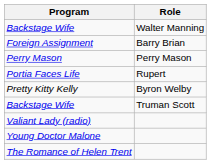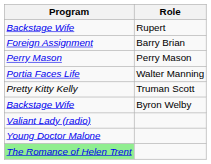 <table class="wikitable">
 <tr>
 <th>Program</th>
 <th>Role</th>
 </tr>
 <tr>
 <td><em><a href='#'>Backstage Wife</a></em></td>
-<td>Walter Manning</td>
+<td>Rupert</td>
 </tr>
 <tr>
 <td><em><a href='#'>Foreign Assignment</a></em></td>
 <td>Barry Brian</td>
 </tr>
 <tr>
 <td><em><a href='#'>Perry Mason</a></em></td>
 <td>Perry Mason</td>
 </tr>
 <tr>
 <td><em><a href='#'>Portia Faces Life</a></em></td>
-<td>Rupert</td>
+<td>Walter Manning</td>
 </tr>
 <tr>
 <td><em>Pretty Kitty Kelly</em></td>
-<td>Byron Welby</td>
+<td>Truman Scott</td>
 </tr>
 <tr>
 <td><em><a href='#'>Backstage Wife</a></em></td>
-<td>Truman Scott</td>
+<td>Byron Welby</td>
 </tr>
 <tr>
 <td><em><a href='#'>Valiant Lady (radio)</a></em></td>
 <td></td>
 </tr>
 <tr>
 <td><em><a href='#'>Young Doctor Malone</a></em></td>
 <td></td>
 </tr>
 <tr>
-<td><em><a href='#'>The Romance of Helen Trent</a></em></td>
+<td style="background: lightgreen;"><em><a href='#'>The Romance of Helen Trent</a></em></td>
 <td></td>
 </tr>
 </table>
